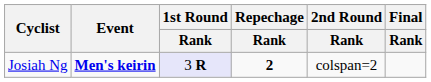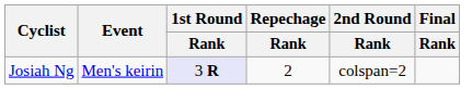 <table class="wikitable" style="font-size:90%">
 <tr>
 <th rowspan=2>Cyclist</th>
 <th rowspan=2>Event</th>
 <th>1st Round</th>
 <th>Repechage</th>
 <th>2nd Round</th>
 <th>Final</th>
 </tr>
 <tr style="font-size:95%">
 <th>Rank</th>
 <th>Rank</th>
 <th>Rank</th>
 <th>Rank</th>
 </tr>
 <tr align=center>
 <td align=left><a href='#'>Josiah Ng</a></td>
-<td align=left><strong><a href='#'>Men's keirin</a></strong></td>
+<td align=left><a href='#'>Men's keirin</a></td>
 <td style="background: lavender;">3 <strong>R</strong></td>
-<td><strong>2</strong></td>
+<td>2</td>
 <td>colspan=2 </td>
 </tr>
 </table>
